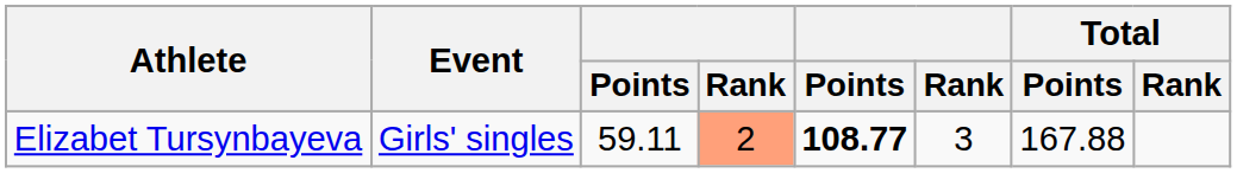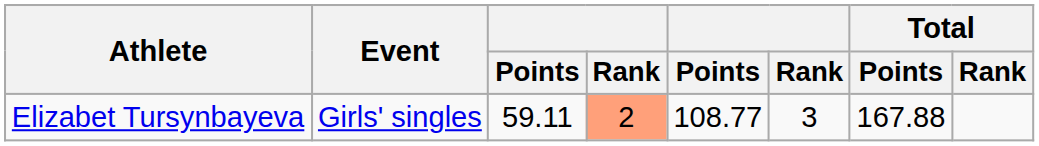 <table class="wikitable" style="font-size:90%">
 <tr>
 <th rowspan="2">Athlete</th>
 <th rowspan="2">Event</th>
 <th colspan="2"></th>
 <th colspan="2"></th>
 <th colspan="2">Total</th>
 </tr>
 <tr style="font-size:95%">
 <th>Points</th>
 <th>Rank</th>
 <th>Points</th>
 <th>Rank</th>
 <th>Points</th>
 <th>Rank</th>
 </tr>
 <tr align=center>
 <td align=left><a href='#'>Elizabet Tursynbayeva</a></td>
 <td align=left><a href='#'>Girls' singles</a></td>
 <td>59.11</td>
 <td style="background: lightsalmon;">2</td>
-<td><strong>108.77</strong></td>
+<td>108.77</td>
 <td>3</td>
 <td>167.88</td>
 <td></td>
 </tr>
 </table>
